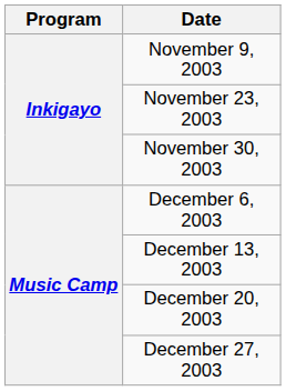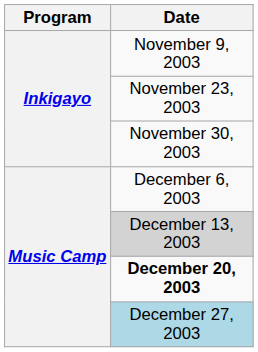 <table class="wikitable sortable plainrowheaders" style="text-align:center">
 <tr>
 <th>Program</th>
 <th width="130">Date</th>
 </tr>
 <tr>
 <th scope="row" rowspan="3"><em><a href='#'>Inkigayo</a></em></th>
 <td>November 9, 2003</td>
 </tr>
 <tr>
 <td>November 23, 2003</td>
 </tr>
 <tr>
 <td>November 30, 2003</td>
 </tr>
 <tr>
 <th scope="row" rowspan="4"><em><a href='#'>Music Camp</a></em></th>
 <td>December 6, 2003</td>
 </tr>
 <tr>
-<td>December 13, 2003</td>
+<td style="background: lightgrey;">December 13, 2003</td>
 </tr>
 <tr>
-<td>December 20, 2003</td>
+<td><strong>December 20, 2003</strong></td>
 </tr>
 <tr>
-<td>December 27, 2003</td>
+<td style="background: lightblue;">December 27, 2003</td>
 </tr>
 </table>
